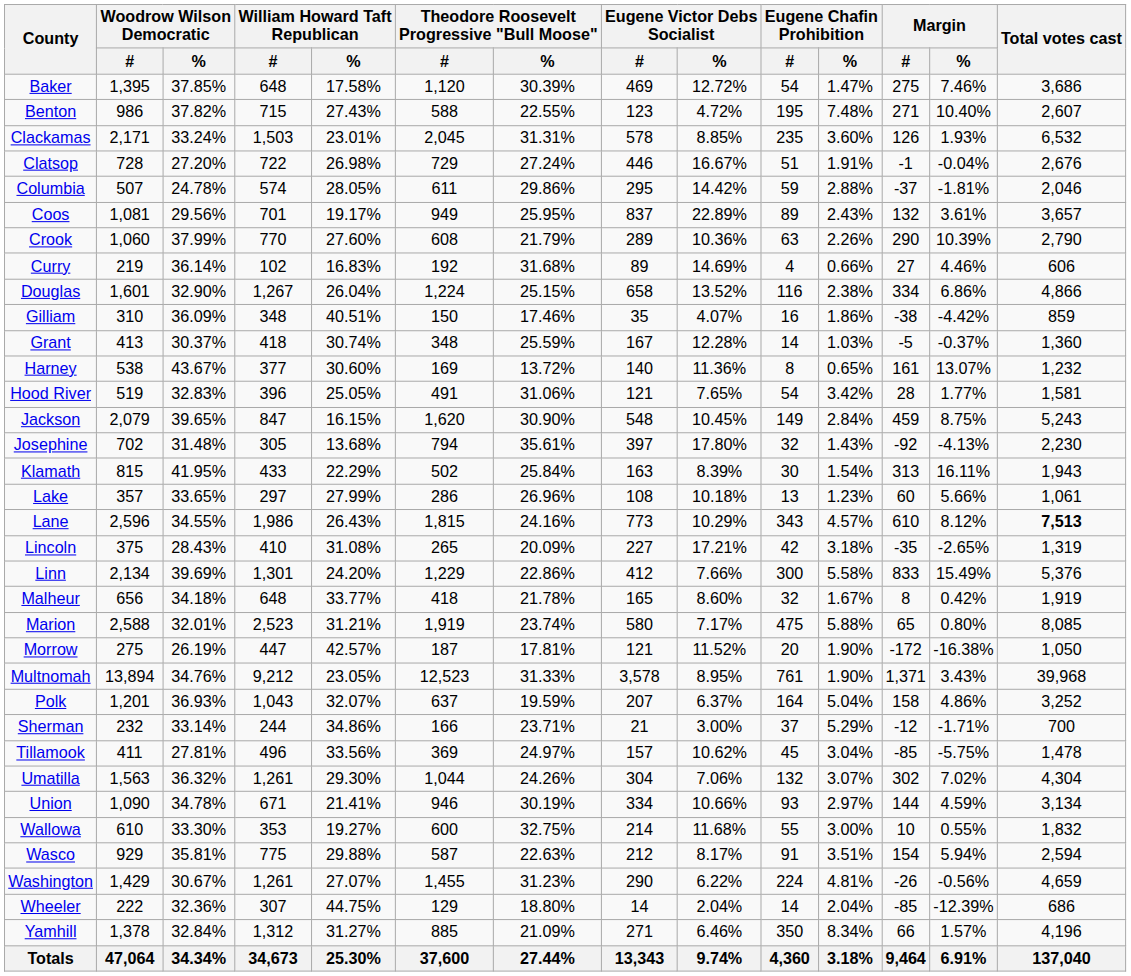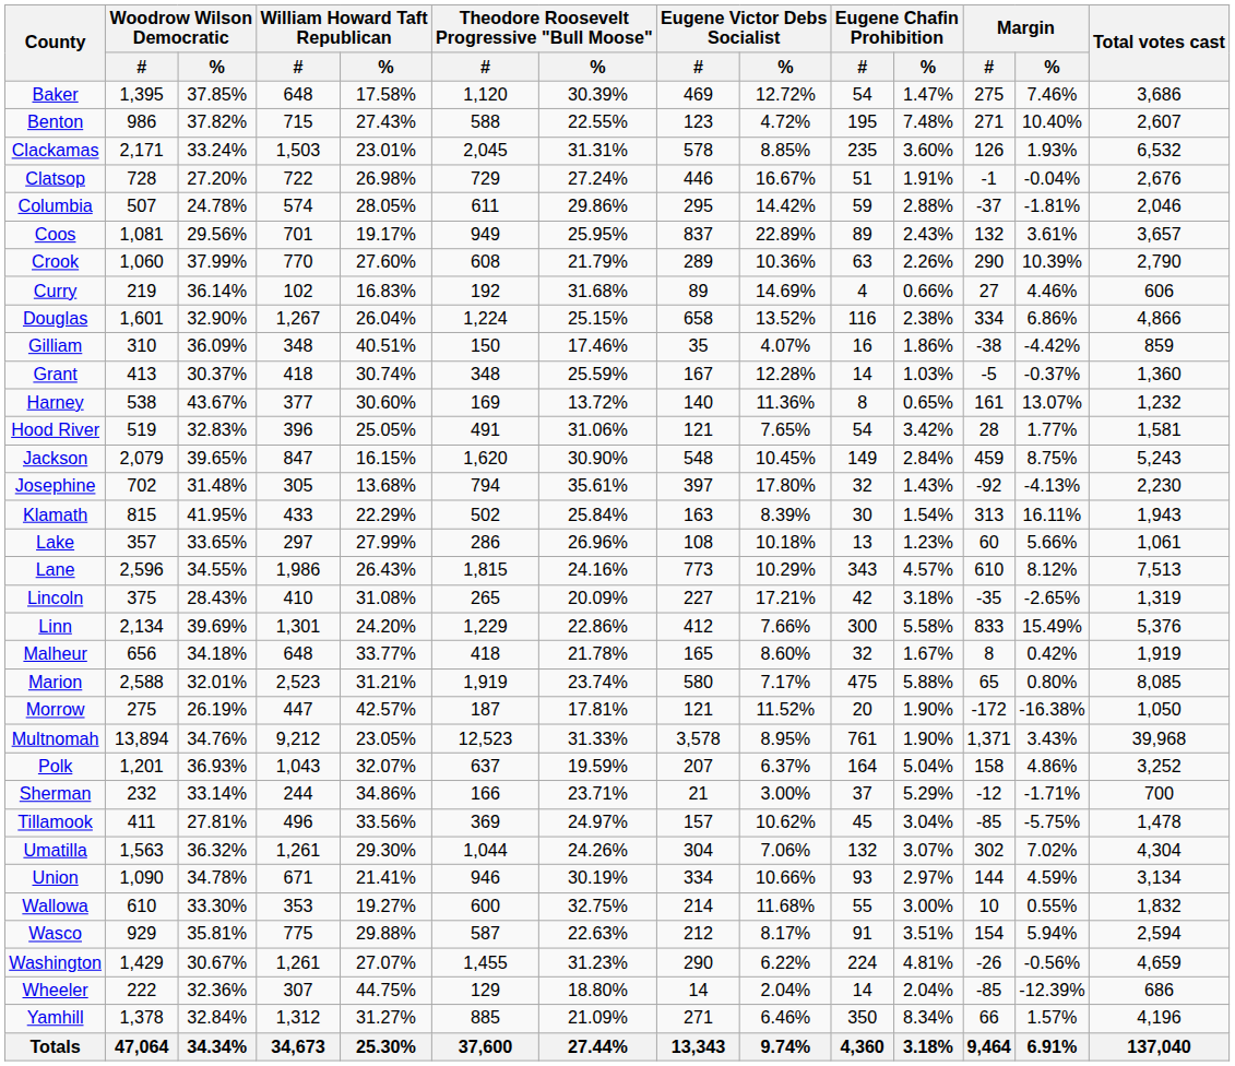 <table class="wikitable sortable">
 <tr>
 <th style="text-align:center;" rowspan="2">County</th>
 <th style="text-align:center;" colspan="2">Woodrow Wilson<br>Democratic</th>
 <th style="text-align:center;" colspan="2">William Howard Taft<br>Republican</th>
 <th style="text-align:center;" colspan="2">Theodore Roosevelt<br>Progressive "Bull Moose"</th>
 <th style="text-align:center;" colspan="2">Eugene Victor Debs<br>Socialist</th>
 <th style="text-align:center;" colspan="2">Eugene Chafin<br>Prohibition</th>
 <th style="text-align:center;" colspan="2">Margin</th>
 <th style="text-align:center;" rowspan="2">Total votes cast</th>
 </tr>
 <tr>
 <th style="text-align:center;" data-sort-type="number">#</th>
 <th style="text-align:center;" data-sort-type="number">%</th>
 <th style="text-align:center;" data-sort-type="number">#</th>
 <th style="text-align:center;" data-sort-type="number">%</th>
 <th style="text-align:center;" data-sort-type="number">#</th>
 <th style="text-align:center;" data-sort-type="number">%</th>
 <th style="text-align:center;" data-sort-type="number">#</th>
 <th style="text-align:center;" data-sort-type="number">%</th>
 <th style="text-align:center;" data-sort-type="number">#</th>
 <th style="text-align:center;" data-sort-type="number">%</th>
 <th style="text-align:center;" data-sort-type="number">#</th>
 <th style="text-align:center;" data-sort-type="number">%</th>
 </tr>
 <tr style="text-align:center;">
 <td><a href='#'>Baker</a></td>
 <td>1,395</td>
 <td>37.85%</td>
 <td>648</td>
 <td>17.58%</td>
 <td>1,120</td>
 <td>30.39%</td>
 <td>469</td>
 <td>12.72%</td>
 <td>54</td>
 <td>1.47%</td>
 <td>275</td>
 <td>7.46%</td>
 <td>3,686</td>
 </tr>
 <tr style="text-align:center;">
 <td><a href='#'>Benton</a></td>
 <td>986</td>
 <td>37.82%</td>
 <td>715</td>
 <td>27.43%</td>
 <td>588</td>
 <td>22.55%</td>
 <td>123</td>
 <td>4.72%</td>
 <td>195</td>
 <td>7.48%</td>
 <td>271</td>
 <td>10.40%</td>
 <td>2,607</td>
 </tr>
 <tr style="text-align:center;">
 <td><a href='#'>Clackamas</a></td>
 <td>2,171</td>
 <td>33.24%</td>
 <td>1,503</td>
 <td>23.01%</td>
 <td>2,045</td>
 <td>31.31%</td>
 <td>578</td>
 <td>8.85%</td>
 <td>235</td>
 <td>3.60%</td>
 <td>126</td>
 <td>1.93%</td>
 <td>6,532</td>
 </tr>
 <tr style="text-align:center;">
 <td><a href='#'>Clatsop</a></td>
 <td>728</td>
 <td>27.20%</td>
 <td>722</td>
 <td>26.98%</td>
 <td>729</td>
 <td>27.24%</td>
 <td>446</td>
 <td>16.67%</td>
 <td>51</td>
 <td>1.91%</td>
 <td>-1</td>
 <td>-0.04%</td>
 <td>2,676</td>
 </tr>
 <tr style="text-align:center;">
 <td><a href='#'>Columbia</a></td>
 <td>507</td>
 <td>24.78%</td>
 <td>574</td>
 <td>28.05%</td>
 <td>611</td>
 <td>29.86%</td>
 <td>295</td>
 <td>14.42%</td>
 <td>59</td>
 <td>2.88%</td>
 <td>-37</td>
 <td>-1.81%</td>
 <td>2,046</td>
 </tr>
 <tr style="text-align:center;">
 <td><a href='#'>Coos</a></td>
 <td>1,081</td>
 <td>29.56%</td>
 <td>701</td>
 <td>19.17%</td>
 <td>949</td>
 <td>25.95%</td>
 <td>837</td>
 <td>22.89%</td>
 <td>89</td>
 <td>2.43%</td>
 <td>132</td>
 <td>3.61%</td>
 <td>3,657</td>
 </tr>
 <tr style="text-align:center;">
 <td><a href='#'>Crook</a></td>
 <td>1,060</td>
 <td>37.99%</td>
 <td>770</td>
 <td>27.60%</td>
 <td>608</td>
 <td>21.79%</td>
 <td>289</td>
 <td>10.36%</td>
 <td>63</td>
 <td>2.26%</td>
 <td>290</td>
 <td>10.39%</td>
 <td>2,790</td>
 </tr>
 <tr style="text-align:center;">
 <td><a href='#'>Curry</a></td>
 <td>219</td>
 <td>36.14%</td>
 <td>102</td>
 <td>16.83%</td>
 <td>192</td>
 <td>31.68%</td>
 <td>89</td>
 <td>14.69%</td>
 <td>4</td>
 <td>0.66%</td>
 <td>27</td>
 <td>4.46%</td>
 <td>606</td>
 </tr>
 <tr style="text-align:center;">
 <td><a href='#'>Douglas</a></td>
 <td>1,601</td>
 <td>32.90%</td>
 <td>1,267</td>
 <td>26.04%</td>
 <td>1,224</td>
 <td>25.15%</td>
 <td>658</td>
 <td>13.52%</td>
 <td>116</td>
 <td>2.38%</td>
 <td>334</td>
 <td>6.86%</td>
 <td>4,866</td>
 </tr>
 <tr style="text-align:center;">
 <td><a href='#'>Gilliam</a></td>
 <td>310</td>
 <td>36.09%</td>
 <td>348</td>
 <td>40.51%</td>
 <td>150</td>
 <td>17.46%</td>
 <td>35</td>
 <td>4.07%</td>
 <td>16</td>
 <td>1.86%</td>
 <td>-38</td>
 <td>-4.42%</td>
 <td>859</td>
 </tr>
 <tr style="text-align:center;">
 <td><a href='#'>Grant</a></td>
 <td>413</td>
 <td>30.37%</td>
 <td>418</td>
 <td>30.74%</td>
 <td>348</td>
 <td>25.59%</td>
 <td>167</td>
 <td>12.28%</td>
 <td>14</td>
 <td>1.03%</td>
 <td>-5</td>
 <td>-0.37%</td>
 <td>1,360</td>
 </tr>
 <tr style="text-align:center;">
 <td><a href='#'>Harney</a></td>
 <td>538</td>
 <td>43.67%</td>
 <td>377</td>
 <td>30.60%</td>
 <td>169</td>
 <td>13.72%</td>
 <td>140</td>
 <td>11.36%</td>
 <td>8</td>
 <td>0.65%</td>
 <td>161</td>
 <td>13.07%</td>
 <td>1,232</td>
 </tr>
 <tr style="text-align:center;">
 <td><a href='#'>Hood River</a></td>
 <td>519</td>
 <td>32.83%</td>
 <td>396</td>
 <td>25.05%</td>
 <td>491</td>
 <td>31.06%</td>
 <td>121</td>
 <td>7.65%</td>
 <td>54</td>
 <td>3.42%</td>
 <td>28</td>
 <td>1.77%</td>
 <td>1,581</td>
 </tr>
 <tr style="text-align:center;">
 <td><a href='#'>Jackson</a></td>
 <td>2,079</td>
 <td>39.65%</td>
 <td>847</td>
 <td>16.15%</td>
 <td>1,620</td>
 <td>30.90%</td>
 <td>548</td>
 <td>10.45%</td>
 <td>149</td>
 <td>2.84%</td>
 <td>459</td>
 <td>8.75%</td>
 <td>5,243</td>
 </tr>
 <tr style="text-align:center;">
 <td><a href='#'>Josephine</a></td>
 <td>702</td>
 <td>31.48%</td>
 <td>305</td>
 <td>13.68%</td>
 <td>794</td>
 <td>35.61%</td>
 <td>397</td>
 <td>17.80%</td>
 <td>32</td>
 <td>1.43%</td>
 <td>-92</td>
 <td>-4.13%</td>
 <td>2,230</td>
 </tr>
 <tr style="text-align:center;">
 <td><a href='#'>Klamath</a></td>
 <td>815</td>
 <td>41.95%</td>
 <td>433</td>
 <td>22.29%</td>
 <td>502</td>
 <td>25.84%</td>
 <td>163</td>
 <td>8.39%</td>
 <td>30</td>
 <td>1.54%</td>
 <td>313</td>
 <td>16.11%</td>
 <td>1,943</td>
 </tr>
 <tr style="text-align:center;">
 <td><a href='#'>Lake</a></td>
 <td>357</td>
 <td>33.65%</td>
 <td>297</td>
 <td>27.99%</td>
 <td>286</td>
 <td>26.96%</td>
 <td>108</td>
 <td>10.18%</td>
 <td>13</td>
 <td>1.23%</td>
 <td>60</td>
 <td>5.66%</td>
 <td>1,061</td>
 </tr>
 <tr style="text-align:center;">
 <td><a href='#'>Lane</a></td>
 <td>2,596</td>
 <td>34.55%</td>
 <td>1,986</td>
 <td>26.43%</td>
 <td>1,815</td>
 <td>24.16%</td>
 <td>773</td>
 <td>10.29%</td>
 <td>343</td>
 <td>4.57%</td>
 <td>610</td>
 <td>8.12%</td>
-<td><strong>7,513</strong></td>
+<td>7,513</td>
 </tr>
 <tr style="text-align:center;">
 <td><a href='#'>Lincoln</a></td>
 <td>375</td>
 <td>28.43%</td>
 <td>410</td>
 <td>31.08%</td>
 <td>265</td>
 <td>20.09%</td>
 <td>227</td>
 <td>17.21%</td>
 <td>42</td>
 <td>3.18%</td>
 <td>-35</td>
 <td>-2.65%</td>
 <td>1,319</td>
 </tr>
 <tr style="text-align:center;">
 <td><a href='#'>Linn</a></td>
 <td>2,134</td>
 <td>39.69%</td>
 <td>1,301</td>
 <td>24.20%</td>
 <td>1,229</td>
 <td>22.86%</td>
 <td>412</td>
 <td>7.66%</td>
 <td>300</td>
 <td>5.58%</td>
 <td>833</td>
 <td>15.49%</td>
 <td>5,376</td>
 </tr>
 <tr style="text-align:center;">
 <td><a href='#'>Malheur</a></td>
 <td>656</td>
 <td>34.18%</td>
 <td>648</td>
 <td>33.77%</td>
 <td>418</td>
 <td>21.78%</td>
 <td>165</td>
 <td>8.60%</td>
 <td>32</td>
 <td>1.67%</td>
 <td>8</td>
 <td>0.42%</td>
 <td>1,919</td>
 </tr>
 <tr style="text-align:center;">
 <td><a href='#'>Marion</a></td>
 <td>2,588</td>
 <td>32.01%</td>
 <td>2,523</td>
 <td>31.21%</td>
 <td>1,919</td>
 <td>23.74%</td>
 <td>580</td>
 <td>7.17%</td>
 <td>475</td>
 <td>5.88%</td>
 <td>65</td>
 <td>0.80%</td>
 <td>8,085</td>
 </tr>
 <tr style="text-align:center;">
 <td><a href='#'>Morrow</a></td>
 <td>275</td>
 <td>26.19%</td>
 <td>447</td>
 <td>42.57%</td>
 <td>187</td>
 <td>17.81%</td>
 <td>121</td>
 <td>11.52%</td>
 <td>20</td>
 <td>1.90%</td>
 <td>-172</td>
 <td>-16.38%</td>
 <td>1,050</td>
 </tr>
 <tr style="text-align:center;">
 <td><a href='#'>Multnomah</a></td>
 <td>13,894</td>
 <td>34.76%</td>
 <td>9,212</td>
 <td>23.05%</td>
 <td>12,523</td>
 <td>31.33%</td>
 <td>3,578</td>
 <td>8.95%</td>
 <td>761</td>
 <td>1.90%</td>
 <td>1,371</td>
 <td>3.43%</td>
 <td>39,968</td>
 </tr>
 <tr style="text-align:center;">
 <td><a href='#'>Polk</a></td>
 <td>1,201</td>
 <td>36.93%</td>
 <td>1,043</td>
 <td>32.07%</td>
 <td>637</td>
 <td>19.59%</td>
 <td>207</td>
 <td>6.37%</td>
 <td>164</td>
 <td>5.04%</td>
 <td>158</td>
 <td>4.86%</td>
 <td>3,252</td>
 </tr>
 <tr style="text-align:center;">
 <td><a href='#'>Sherman</a></td>
 <td>232</td>
 <td>33.14%</td>
 <td>244</td>
 <td>34.86%</td>
 <td>166</td>
 <td>23.71%</td>
 <td>21</td>
 <td>3.00%</td>
 <td>37</td>
 <td>5.29%</td>
 <td>-12</td>
 <td>-1.71%</td>
 <td>700</td>
 </tr>
 <tr style="text-align:center;">
 <td><a href='#'>Tillamook</a></td>
 <td>411</td>
 <td>27.81%</td>
 <td>496</td>
 <td>33.56%</td>
 <td>369</td>
 <td>24.97%</td>
 <td>157</td>
 <td>10.62%</td>
 <td>45</td>
 <td>3.04%</td>
 <td>-85</td>
 <td>-5.75%</td>
 <td>1,478</td>
 </tr>
 <tr style="text-align:center;">
 <td><a href='#'>Umatilla</a></td>
 <td>1,563</td>
 <td>36.32%</td>
 <td>1,261</td>
 <td>29.30%</td>
 <td>1,044</td>
 <td>24.26%</td>
 <td>304</td>
 <td>7.06%</td>
 <td>132</td>
 <td>3.07%</td>
 <td>302</td>
 <td>7.02%</td>
 <td>4,304</td>
 </tr>
 <tr style="text-align:center;">
 <td><a href='#'>Union</a></td>
 <td>1,090</td>
 <td>34.78%</td>
 <td>671</td>
 <td>21.41%</td>
 <td>946</td>
 <td>30.19%</td>
 <td>334</td>
 <td>10.66%</td>
 <td>93</td>
 <td>2.97%</td>
 <td>144</td>
 <td>4.59%</td>
 <td>3,134</td>
 </tr>
 <tr style="text-align:center;">
 <td><a href='#'>Wallowa</a></td>
 <td>610</td>
 <td>33.30%</td>
 <td>353</td>
 <td>19.27%</td>
 <td>600</td>
 <td>32.75%</td>
 <td>214</td>
 <td>11.68%</td>
 <td>55</td>
 <td>3.00%</td>
 <td>10</td>
 <td>0.55%</td>
 <td>1,832</td>
 </tr>
 <tr style="text-align:center;">
 <td><a href='#'>Wasco</a></td>
 <td>929</td>
 <td>35.81%</td>
 <td>775</td>
 <td>29.88%</td>
 <td>587</td>
 <td>22.63%</td>
 <td>212</td>
 <td>8.17%</td>
 <td>91</td>
 <td>3.51%</td>
 <td>154</td>
 <td>5.94%</td>
 <td>2,594</td>
 </tr>
 <tr style="text-align:center;">
 <td><a href='#'>Washington</a></td>
 <td>1,429</td>
 <td>30.67%</td>
 <td>1,261</td>
 <td>27.07%</td>
 <td>1,455</td>
 <td>31.23%</td>
 <td>290</td>
 <td>6.22%</td>
 <td>224</td>
 <td>4.81%</td>
 <td>-26</td>
 <td>-0.56%</td>
 <td>4,659</td>
 </tr>
 <tr style="text-align:center;">
 <td><a href='#'>Wheeler</a></td>
 <td>222</td>
 <td>32.36%</td>
 <td>307</td>
 <td>44.75%</td>
 <td>129</td>
 <td>18.80%</td>
 <td>14</td>
 <td>2.04%</td>
 <td>14</td>
 <td>2.04%</td>
 <td>-85</td>
 <td>-12.39%</td>
 <td>686</td>
 </tr>
 <tr style="text-align:center;">
 <td><a href='#'>Yamhill</a></td>
 <td>1,378</td>
 <td>32.84%</td>
 <td>1,312</td>
 <td>31.27%</td>
 <td>885</td>
 <td>21.09%</td>
 <td>271</td>
 <td>6.46%</td>
 <td>350</td>
 <td>8.34%</td>
 <td>66</td>
 <td>1.57%</td>
 <td>4,196</td>
 </tr>
 <tr style="text-align:center;">
 <th>Totals</th>
 <th>47,064</th>
 <th>34.34%</th>
 <th>34,673</th>
 <th>25.30%</th>
 <th>37,600</th>
 <th>27.44%</th>
 <th>13,343</th>
 <th>9.74%</th>
 <th>4,360</th>
 <th>3.18%</th>
 <th>9,464</th>
 <th>6.91%</th>
 <th>137,040</th>
 </tr>
 </table>
